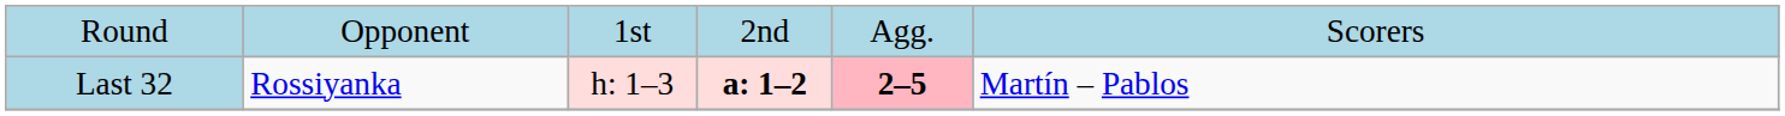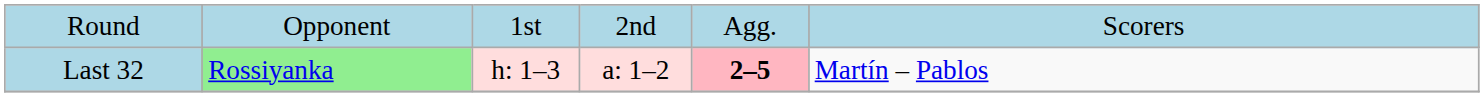 <table class="wikitable" style="text-align:center">
 <tr bgcolor=lightblue>
 <td width=150px>Round</td>
 <td width=200px>Opponent</td>
 <td width=80px>1st</td>
 <td width=80px>2nd</td>
 <td width=80px>Agg.</td>
 <td width=600px>Scorers</td>
 </tr>
 <tr>
 <td bgcolor=lightblue>Last 32</td>
-<td align=left> <a href='#'>Rossiyanka</a></td>
+<td align=left style="background: lightgreen;"> <a href='#'>Rossiyanka</a></td>
 <td bgcolor="#ffdddd">h: 1–3</td>
-<td bgcolor="#ffdddd"><strong>a: 1–2</strong></td>
+<td bgcolor="#ffdddd">a: 1–2</td>
 <td bgcolor=lightpink><strong>2–5</strong></td>
 <td align=left><a href='#'>Martín</a> – <a href='#'>Pablos</a></td>
 </tr>
 <tr>
 </tr>
 </table>
